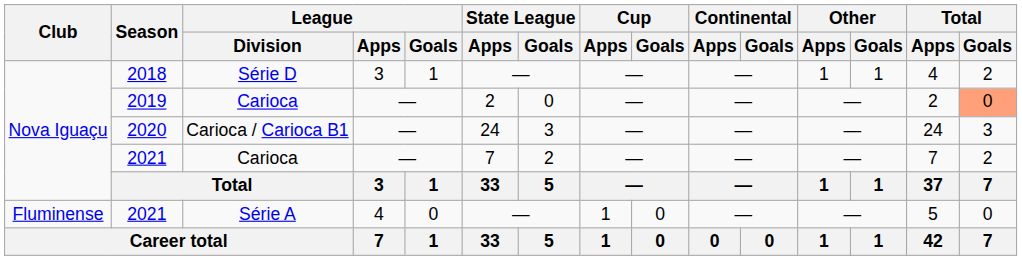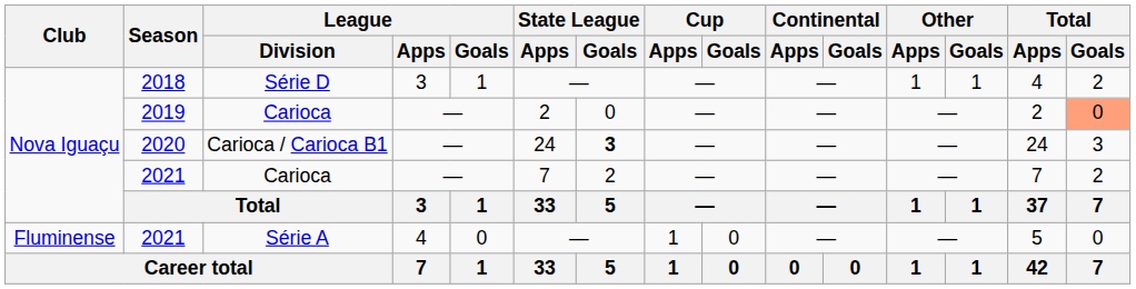 <table class="wikitable" style="text-align: center;">
 <tr>
 <th rowspan="2">Club</th>
 <th rowspan="2">Season</th>
 <th colspan="3">League</th>
 <th colspan="2">State League</th>
 <th colspan="2">Cup</th>
 <th colspan="2">Continental</th>
 <th colspan="2">Other</th>
 <th colspan="2">Total</th>
 </tr>
 <tr>
 <th>Division</th>
 <th>Apps</th>
 <th>Goals</th>
 <th>Apps</th>
 <th>Goals</th>
 <th>Apps</th>
 <th>Goals</th>
 <th>Apps</th>
 <th>Goals</th>
 <th>Apps</th>
 <th>Goals</th>
 <th>Apps</th>
 <th>Goals</th>
 </tr>
 <tr>
 <td rowspan="5" valign="center"><a href='#'>Nova Iguaçu</a></td>
 <td><a href='#'>2018</a></td>
 <td><a href='#'>Série D</a></td>
 <td>3</td>
 <td>1</td>
 <td colspan="2">—</td>
 <td colspan="2">—</td>
 <td colspan="2">—</td>
 <td>1</td>
 <td>1</td>
 <td>4</td>
 <td>2</td>
 </tr>
 <tr>
 <td><a href='#'>2019</a></td>
 <td><a href='#'>Carioca</a></td>
 <td colspan="2">—</td>
 <td>2</td>
 <td>0</td>
 <td colspan="2">—</td>
 <td colspan="2">—</td>
 <td colspan="2">—</td>
 <td>2</td>
 <td style="background: lightsalmon;">0</td>
 </tr>
 <tr>
 <td><a href='#'>2020</a></td>
 <td>Carioca / <a href='#'>Carioca B1</a></td>
 <td colspan="2">—</td>
 <td>24</td>
-<td>3</td>
+<td><strong>3</strong></td>
 <td colspan="2">—</td>
 <td colspan="2">—</td>
 <td colspan="2">—</td>
 <td>24</td>
 <td>3</td>
 </tr>
 <tr>
 <td><a href='#'>2021</a></td>
 <td>Carioca</td>
 <td colspan="2">—</td>
 <td>7</td>
 <td>2</td>
 <td colspan="2">—</td>
 <td colspan="2">—</td>
 <td colspan="2">—</td>
 <td>7</td>
 <td>2</td>
 </tr>
 <tr>
 <th colspan="2">Total</th>
 <th>3</th>
 <th>1</th>
 <th>33</th>
 <th>5</th>
 <th colspan="2">—</th>
 <th colspan="2">—</th>
 <th>1</th>
 <th>1</th>
 <th>37</th>
 <th>7</th>
 </tr>
 <tr>
 <td valign="center"><a href='#'>Fluminense</a></td>
 <td><a href='#'>2021</a></td>
 <td><a href='#'>Série A</a></td>
 <td>4</td>
 <td>0</td>
 <td colspan="2">—</td>
 <td>1</td>
 <td>0</td>
 <td colspan="2">—</td>
 <td colspan="2">—</td>
 <td>5</td>
 <td>0</td>
 </tr>
 <tr>
 <th colspan="3"><strong>Career total</strong></th>
 <th>7</th>
 <th>1</th>
 <th>33</th>
 <th>5</th>
 <th>1</th>
 <th>0</th>
 <th>0</th>
 <th>0</th>
 <th>1</th>
 <th>1</th>
 <th>42</th>
 <th>7</th>
 </tr>
 </table>
